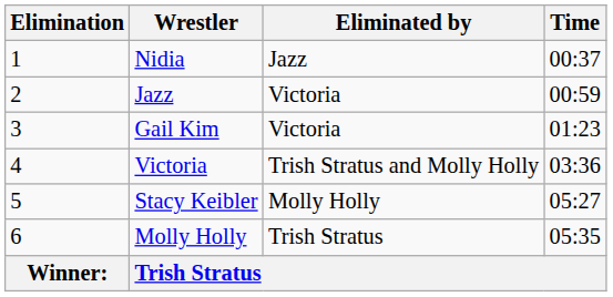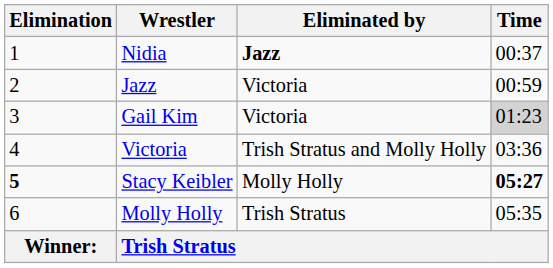 <table class="wikitable sortable" border="1">
 <tr>
 <th>Elimination</th>
 <th>Wrestler</th>
 <th>Eliminated by</th>
 <th>Time</th>
 </tr>
 <tr>
 <td>1</td>
 <td><a href='#'>Nidia</a></td>
-<td>Jazz</td>
+<td><strong>Jazz</strong></td>
 <td>00:37</td>
 </tr>
 <tr>
 <td>2</td>
 <td><a href='#'>Jazz</a></td>
 <td>Victoria</td>
 <td>00:59</td>
 </tr>
 <tr>
 <td>3</td>
 <td><a href='#'>Gail Kim</a></td>
 <td>Victoria</td>
-<td>01:23</td>
+<td style="background: lightgrey;">01:23</td>
 </tr>
 <tr>
 <td>4</td>
 <td><a href='#'>Victoria</a></td>
 <td>Trish Stratus and Molly Holly</td>
 <td>03:36</td>
 </tr>
 <tr>
-<td>5</td>
+<td><strong>5</strong></td>
 <td><a href='#'>Stacy Keibler</a></td>
 <td>Molly Holly</td>
-<td>05:27</td>
+<td><strong>05:27</strong></td>
 </tr>
 <tr>
 <td>6</td>
 <td><a href='#'>Molly Holly</a></td>
 <td>Trish Stratus</td>
 <td>05:35</td>
 </tr>
 <tr>
 <th>Winner:</th>
 <td colspan="5" bgcolor="#f2f2f2"><strong><a href='#'>Trish Stratus</a></strong></td>
 </tr>
 </table>
